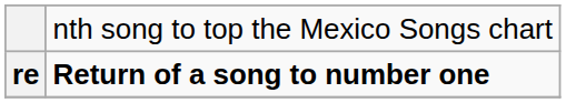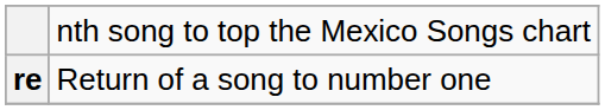 <table class="wikitable plainrowheaders" style="font-size:90%;">
 <tr>
 <th scope="col"></th>
 <td>nth song to top the Mexico Songs chart</td>
 </tr>
 <tr>
 <th scope="row" style="text-align:center;"><strong>re</strong></th>
-<td><strong>Return of a song to number one</strong></td>
+<td>Return of a song to number one</td>
 </tr>
 <tr>
 </tr>
 </table>
